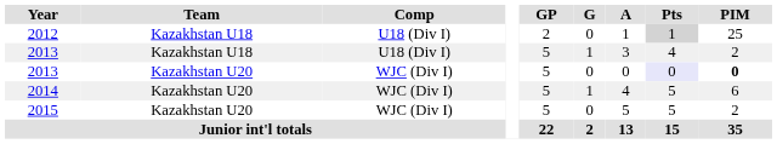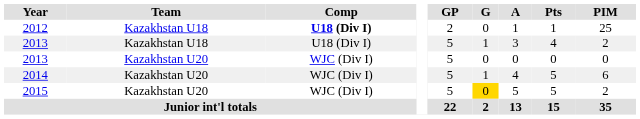 <table border="0" cellpadding="1" cellspacing="0" style="text-align:center; width:50em">
 <tr style="background:#e0e0e0;">
 <th>Year</th>
 <th>Team</th>
 <th>Comp</th>
 <th rowspan="99" style="background:#fff;"> </th>
 <th>GP</th>
 <th>G</th>
 <th>A</th>
 <th>Pts</th>
 <th>PIM</th>
 </tr>
 <tr>
 <td><a href='#'>2012</a></td>
 <td><a href='#'>Kazakhstan U18</a></td>
-<td><a href='#'>U18</a> (Div I)</td>
+<td><strong><a href='#'>U18</a> (Div I)</strong></td>
 <td>2</td>
 <td>0</td>
 <td>1</td>
-<td style="background: lightgrey;">1</td>
+<td>1</td>
 <td>25</td>
 </tr>
 <tr style="background:#f0f0f0;">
 <td><a href='#'>2013</a></td>
 <td>Kazakhstan U18</td>
 <td>U18 (Div I)</td>
 <td>5</td>
 <td>1</td>
 <td>3</td>
 <td>4</td>
 <td>2</td>
 </tr>
 <tr>
 <td><a href='#'>2013</a></td>
 <td><a href='#'>Kazakhstan U20</a></td>
 <td><a href='#'>WJC</a> (Div I)</td>
 <td>5</td>
 <td>0</td>
 <td>0</td>
-<td style="background: lavender;">0</td>
-<td><strong>0</strong></td>
+<td>0</td>
+<td>0</td>
 </tr>
 <tr style="background:#f0f0f0;">
 <td><a href='#'>2014</a></td>
 <td>Kazakhstan U20</td>
 <td>WJC (Div I)</td>
 <td>5</td>
 <td>1</td>
 <td>4</td>
 <td>5</td>
 <td>6</td>
 </tr>
 <tr>
 <td><a href='#'>2015</a></td>
 <td>Kazakhstan U20</td>
 <td>WJC (Div I)</td>
 <td>5</td>
-<td>0</td>
+<td style="background: gold;">0</td>
 <td>5</td>
 <td>5</td>
 <td>2</td>
 </tr>
 <tr style="background:#e0e0e0;">
 <th colspan=3>Junior int'l totals</th>
 <th>22</th>
 <th>2</th>
 <th>13</th>
 <th>15</th>
 <th>35</th>
 </tr>
 </table>
